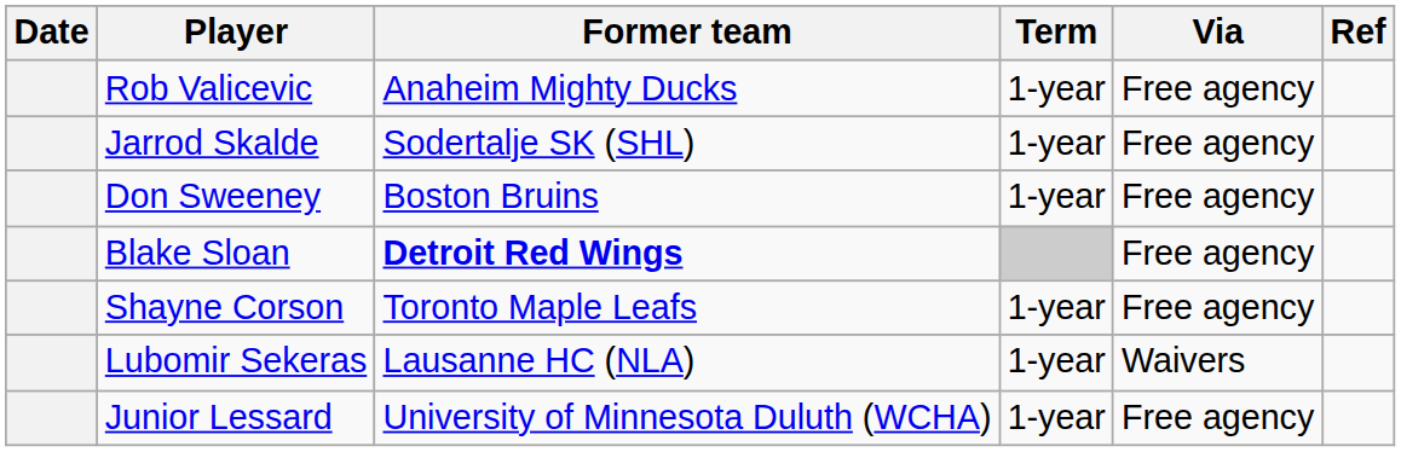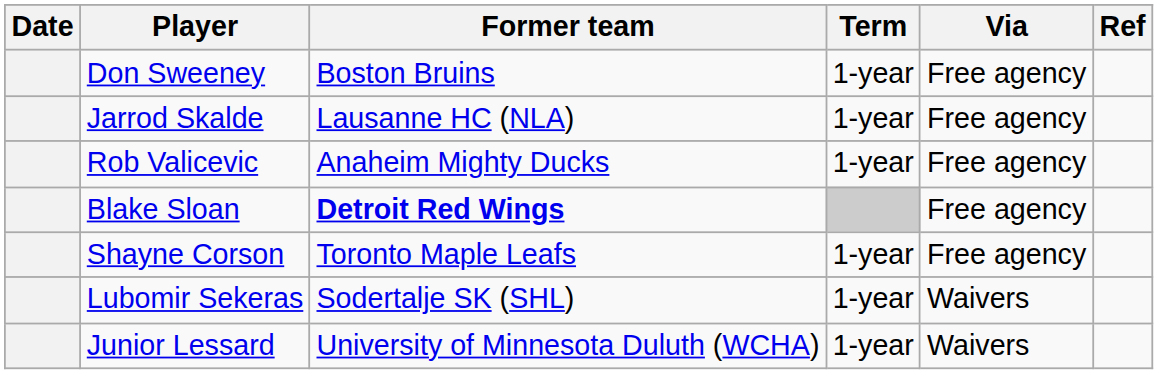 <table class="wikitable plainrowheaders">
 <tr style="background:#ddd; text-align:center;">
 <th>Date</th>
 <th>Player</th>
 <th>Former team</th>
 <th>Term</th>
 <th>Via</th>
 <th>Ref</th>
 </tr>
 <tr>
 <th scope="row"></th>
-<td><a href='#'>Rob Valicevic</a></td>
-<td><a href='#'>Anaheim Mighty Ducks</a></td>
+<td><a href='#'>Don Sweeney</a></td>
+<td><a href='#'>Boston Bruins</a></td>
 <td>1-year</td>
 <td>Free agency</td>
 <td></td>
 </tr>
 <tr>
 <th scope="row"></th>
 <td><a href='#'>Jarrod Skalde</a></td>
-<td><a href='#'>Sodertalje SK</a> (<a href='#'>SHL</a>)</td>
+<td><a href='#'>Lausanne HC</a> (<a href='#'>NLA</a>)</td>
 <td>1-year</td>
 <td>Free agency</td>
 <td></td>
 </tr>
 <tr>
 <th scope="row"></th>
-<td><a href='#'>Don Sweeney</a></td>
-<td><a href='#'>Boston Bruins</a></td>
+<td><a href='#'>Rob Valicevic</a></td>
+<td><a href='#'>Anaheim Mighty Ducks</a></td>
 <td>1-year</td>
 <td>Free agency</td>
 <td></td>
 </tr>
 <tr>
 <th scope="row"></th>
 <td><a href='#'>Blake Sloan</a></td>
 <td><strong><a href='#'>Detroit Red Wings</a></strong></td>
 <td style="background:#ccc"></td>
 <td>Free agency</td>
 <td></td>
 </tr>
 <tr>
 <th scope="row"></th>
 <td><a href='#'>Shayne Corson</a></td>
 <td><a href='#'>Toronto Maple Leafs</a></td>
 <td>1-year</td>
 <td>Free agency</td>
 <td></td>
 </tr>
 <tr>
 <th scope="row"></th>
 <td><a href='#'>Lubomir Sekeras</a></td>
-<td><a href='#'>Lausanne HC</a> (<a href='#'>NLA</a>)</td>
+<td><a href='#'>Sodertalje SK</a> (<a href='#'>SHL</a>)</td>
 <td>1-year</td>
 <td>Waivers</td>
 <td></td>
 </tr>
 <tr>
 <th scope="row"></th>
 <td><a href='#'>Junior Lessard</a></td>
 <td><a href='#'>University of Minnesota Duluth</a> (<a href='#'>WCHA</a>)</td>
 <td>1-year</td>
-<td>Free agency</td>
+<td>Waivers</td>
 <td></td>
 </tr>
 </table>
